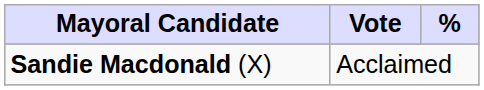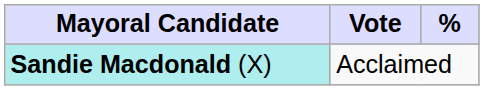 <table class="wikitable">
 <tr>
 <th style="background:#ddf; width:200px;">Mayoral Candidate</th>
 <th style="background:#ddf; width:50px;">Vote</th>
 <th style="background:#ddf; width:30px;">%</th>
 </tr>
 <tr>
-<td><strong>Sandie Macdonald</strong> (X)</td>
+<td style="background: paleturquoise;"><strong>Sandie Macdonald</strong> (X)</td>
 <td colspan="2">Acclaimed</td>
 </tr>
 </table>
